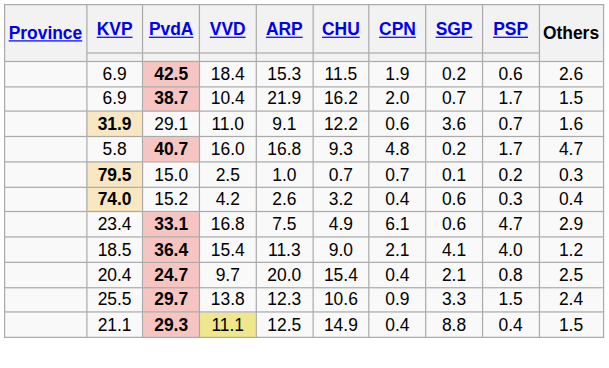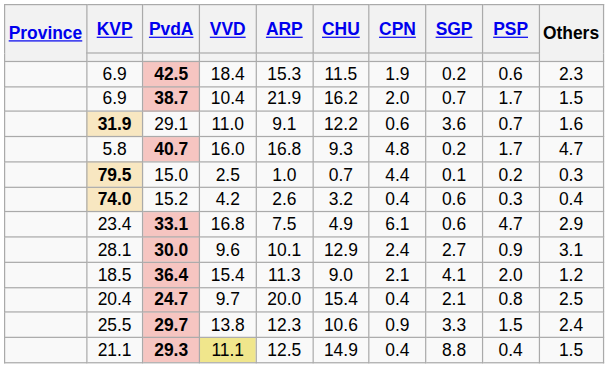 <table class="wikitable sortable" style="text-align:center;font-size:90%;line-height:14px">
 <tr style="height:40px;">
 <th rowspan="2"><a href='#'>Province</a></th>
 <th style="width:40px;"><a href='#'>KVP</a></th>
 <th style="width:40px;"><a href='#'>PvdA</a></th>
 <th style="width:40px;"><a href='#'>VVD</a></th>
 <th style="width:40px;"><a href='#'>ARP</a></th>
 <th style="width:40px;"><a href='#'>CHU</a></th>
 <th style="width:40px;"><a href='#'>CPN</a></th>
 <th style="width:40px;"><a href='#'>SGP</a></th>
 <th style="width:40px;"><a href='#'>PSP</a></th>
 <th style="width:40px;" rowspan="2">Others</th>
 </tr>
 <tr>
 <th style="background:"></th>
 <th style="background:"></th>
 <th style="background:"></th>
 <th style="background:"></th>
 <th style="background:"></th>
 <th style="background:"></th>
 <th style="background:"></th>
 <th style="background:"></th>
 </tr>
 <tr>
 <td align="left"></td>
 <td>6.9</td>
 <td style="background:#F6C5C1;"><strong>42.5</strong></td>
 <td>18.4</td>
 <td>15.3</td>
 <td>11.5</td>
 <td>1.9</td>
 <td>0.2</td>
 <td>0.6</td>
-<td>2.6</td>
+<td>2.3</td>
 </tr>
 <tr>
 <td align="left"></td>
 <td>6.9</td>
 <td style="background:#F6C5C1;"><strong>38.7</strong></td>
 <td>10.4</td>
 <td>21.9</td>
 <td>16.2</td>
 <td>2.0</td>
 <td>0.7</td>
 <td>1.7</td>
 <td>1.5</td>
 </tr>
 <tr>
 <td align="left"></td>
 <td style="background:#f8e7c1;"><strong>31.9</strong></td>
 <td>29.1</td>
 <td>11.0</td>
 <td>9.1</td>
 <td>12.2</td>
 <td>0.6</td>
 <td>3.6</td>
 <td>0.7</td>
 <td>1.6</td>
 </tr>
 <tr>
 <td align="left"></td>
 <td>5.8</td>
 <td style="background:#F6C5C1;"><strong>40.7</strong></td>
 <td>16.0</td>
 <td>16.8</td>
 <td>9.3</td>
 <td>4.8</td>
 <td>0.2</td>
 <td>1.7</td>
 <td>4.7</td>
 </tr>
 <tr>
 <td align="left"></td>
 <td style="background:#f8e7c1;"><strong>79.5</strong></td>
 <td>15.0</td>
 <td>2.5</td>
 <td>1.0</td>
 <td>0.7</td>
-<td>0.7</td>
+<td>4.4</td>
 <td>0.1</td>
 <td>0.2</td>
 <td>0.3</td>
 </tr>
 <tr>
 <td align="left"></td>
 <td style="background:#f8e7c1;"><strong>74.0</strong></td>
 <td>15.2</td>
 <td>4.2</td>
 <td>2.6</td>
 <td>3.2</td>
 <td>0.4</td>
 <td>0.6</td>
 <td>0.3</td>
 <td>0.4</td>
 </tr>
 <tr>
 <td align="left"></td>
 <td>23.4</td>
 <td style="background:#F6C5C1;"><strong>33.1</strong></td>
 <td>16.8</td>
 <td>7.5</td>
 <td>4.9</td>
 <td>6.1</td>
 <td>0.6</td>
 <td>4.7</td>
 <td>2.9</td>
 </tr>
 <tr>
 <td align="left"></td>
+<td>28.1</td>
+<td style="background:#F6C5C1;"><strong>30.0</strong></td>
+<td>9.6</td>
+<td>10.1</td>
+<td>12.9</td>
+<td>2.4</td>
+<td>2.7</td>
+<td>0.9</td>
+<td>3.1</td>
+</tr>
+<tr>
+<td align="left"></td>
 <td>18.5</td>
 <td style="background:#F6C5C1;"><strong>36.4</strong></td>
 <td>15.4</td>
 <td>11.3</td>
 <td>9.0</td>
 <td>2.1</td>
 <td>4.1</td>
-<td>4.0</td>
+<td>2.0</td>
 <td>1.2</td>
 </tr>
 <tr>
 <td align="left"></td>
 <td>20.4</td>
 <td style="background:#F6C5C1;"><strong>24.7</strong></td>
 <td>9.7</td>
 <td>20.0</td>
 <td>15.4</td>
 <td>0.4</td>
 <td>2.1</td>
 <td>0.8</td>
 <td>2.5</td>
 </tr>
 <tr>
 <td align="left"></td>
 <td>25.5</td>
 <td style="background:#F6C5C1;"><strong>29.7</strong></td>
 <td>13.8</td>
 <td>12.3</td>
 <td>10.6</td>
 <td>0.9</td>
 <td>3.3</td>
 <td>1.5</td>
 <td>2.4</td>
 </tr>
 <tr>
 <td align="left"></td>
 <td>21.1</td>
 <td style="background:#F6C5C1;"><strong>29.3</strong></td>
 <td style="background: khaki;">11.1</td>
 <td>12.5</td>
 <td>14.9</td>
 <td>0.4</td>
 <td>8.8</td>
 <td>0.4</td>
 <td>1.5</td>
 </tr>
 </table>
